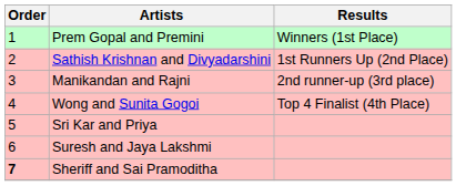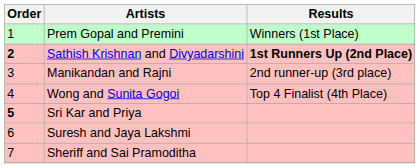 <table class="wikitable">
 <tr>
 <th>Order</th>
 <th>Artists</th>
 <th>Results</th>
 </tr>
 <tr>
 <td bgcolor="#BFFFCB">1</td>
 <td bgcolor="#BFFFCB">Prem Gopal and Premini</td>
 <td bgcolor="#BFFFCB">Winners (1st Place)</td>
 </tr>
 <tr>
-<td bgcolor="#FFCOCO">2</td>
+<td bgcolor="#FFCOCO"><strong>2</strong></td>
 <td bgcolor="#FFCOCO"><a href='#'>Sathish Krishnan</a> and <a href='#'>Divyadarshini</a></td>
-<td bgcolor="#FFCOCO">1st Runners Up (2nd Place)</td>
+<td bgcolor="#FFCOCO"><strong>1st Runners Up (2nd Place)</strong></td>
 </tr>
 <tr>
 <td bgcolor="#FFC0C0">3</td>
 <td bgcolor="#FFC0C0">Manikandan and Rajni</td>
 <td bgcolor="#FFC0C0">2nd runner-up (3rd place)</td>
 </tr>
 <tr>
 <td bgcolor="#FFC0C0">4</td>
 <td bgcolor="#FFC0C0">Wong and <a href='#'>Sunita Gogoi</a></td>
 <td bgcolor="#FFC0C0">Top 4 Finalist (4th Place)</td>
 </tr>
 <tr>
-<td bgcolor="#FFC0C0">5</td>
+<td bgcolor="#FFC0C0"><strong>5</strong></td>
 <td bgcolor="#FFC0C0">Sri Kar and Priya</td>
 <td bgcolor="#FFC0C0"></td>
 </tr>
 <tr>
 <td bgcolor="#FFC0C0">6</td>
 <td bgcolor="#FFC0C0">Suresh  and Jaya Lakshmi</td>
 <td bgcolor="#FFC0C0"></td>
 </tr>
 <tr>
-<td bgcolor="#FFC0C0"><strong>7</strong></td>
+<td bgcolor="#FFC0C0">7</td>
 <td bgcolor="#FFC0C0">Sheriff and Sai Pramoditha</td>
 <td bgcolor="#FFC0C0"></td>
 </tr>
 <tr>
 </tr>
 </table>
